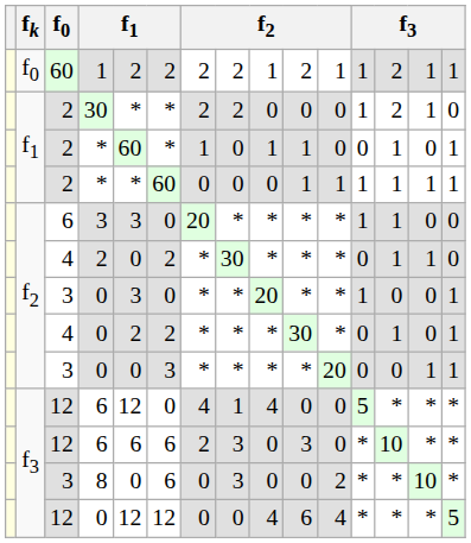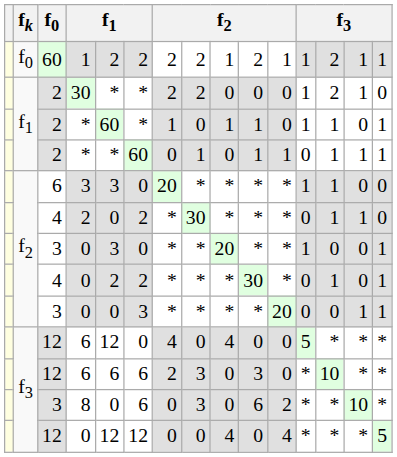 <table class=wikitable>
 <tr>
 <th></th>
 <th>f<sub><em>k</em></sub></th>
 <th>f<sub>0</sub></th>
 <th colspan=3>f<sub>1</sub></th>
 <th colspan=5>f<sub>2</sub></th>
 <th colspan=4>f<sub>3</sub></th>
 </tr>
 <tr align=right>
 <td align=left bgcolor=#ffffe0></td>
 <td rowspan=1>f<sub>0</sub></td>
 <td bgcolor=#e0ffe0>60</td>
 <td bgcolor=#e0e0e0>1</td>
 <td bgcolor=#e0e0e0>2</td>
 <td bgcolor=#e0e0e0>2</td>
 <td bgcolor=#ffffff>2</td>
 <td bgcolor=#ffffff>2</td>
 <td bgcolor=#ffffff>1</td>
 <td bgcolor=#ffffff>2</td>
 <td bgcolor=#ffffff>1</td>
 <td bgcolor=#e0e0e0>1</td>
 <td bgcolor=#e0e0e0>2</td>
 <td bgcolor=#e0e0e0>1</td>
 <td bgcolor=#e0e0e0>1</td>
 </tr>
 <tr align=right>
 <td align=left bgcolor=#ffffe0></td>
 <td rowspan=3>f<sub>1</sub></td>
 <td bgcolor=#e0e0e0>2</td>
 <td bgcolor=#e0ffe0>30</td>
 <td bgcolor=#ffffff>*</td>
 <td bgcolor=#ffffff>*</td>
 <td bgcolor=#e0e0e0>2</td>
 <td bgcolor=#e0e0e0>2</td>
 <td bgcolor=#e0e0e0>0</td>
 <td bgcolor=#e0e0e0>0</td>
 <td bgcolor=#e0e0e0>0</td>
 <td bgcolor=#ffffff>1</td>
 <td bgcolor=#ffffff>2</td>
 <td bgcolor=#ffffff>1</td>
 <td bgcolor=#ffffff>0</td>
 </tr>
 <tr align=right>
 <td align=left bgcolor=#ffffe0></td>
 <td bgcolor=#e0e0e0>2</td>
 <td bgcolor=#ffffff>*</td>
 <td bgcolor=#e0ffe0>60</td>
 <td bgcolor=#ffffff>*</td>
 <td bgcolor=#e0e0e0>1</td>
 <td bgcolor=#e0e0e0>0</td>
 <td bgcolor=#e0e0e0>1</td>
 <td bgcolor=#e0e0e0>1</td>
 <td bgcolor=#e0e0e0>0</td>
-<td bgcolor=#ffffff>0</td>
+<td bgcolor=#ffffff>1</td>
 <td bgcolor=#ffffff>1</td>
 <td bgcolor=#ffffff>0</td>
 <td bgcolor=#ffffff>1</td>
 </tr>
 <tr align=right>
 <td align=left bgcolor=#ffffe0></td>
 <td bgcolor=#e0e0e0>2</td>
 <td bgcolor=#ffffff>*</td>
 <td bgcolor=#ffffff>*</td>
 <td bgcolor=#e0ffe0>60</td>
 <td bgcolor=#e0e0e0>0</td>
-<td bgcolor=#e0e0e0>0</td>
+<td bgcolor=#e0e0e0>1</td>
 <td bgcolor=#e0e0e0>0</td>
 <td bgcolor=#e0e0e0>1</td>
 <td bgcolor=#e0e0e0>1</td>
-<td bgcolor=#ffffff>1</td>
+<td bgcolor=#ffffff>0</td>
 <td bgcolor=#ffffff>1</td>
 <td bgcolor=#ffffff>1</td>
 <td bgcolor=#ffffff>1</td>
 </tr>
 <tr align=right>
 <td align=left bgcolor=#ffffe0></td>
 <td rowspan=5>f<sub>2</sub></td>
 <td bgcolor=#ffffff>6</td>
 <td bgcolor=#e0e0e0>3</td>
 <td bgcolor=#e0e0e0>3</td>
 <td bgcolor=#e0e0e0>0</td>
 <td bgcolor=#e0ffe0>20</td>
 <td bgcolor=#ffffff>*</td>
 <td bgcolor=#ffffff>*</td>
 <td bgcolor=#ffffff>*</td>
 <td bgcolor=#ffffff>*</td>
 <td bgcolor=#e0e0e0>1</td>
 <td bgcolor=#e0e0e0>1</td>
 <td bgcolor=#e0e0e0>0</td>
 <td bgcolor=#e0e0e0>0</td>
 </tr>
 <tr align=right>
 <td align=left bgcolor=#ffffe0></td>
 <td bgcolor=#ffffff>4</td>
 <td bgcolor=#e0e0e0>2</td>
 <td bgcolor=#e0e0e0>0</td>
 <td bgcolor=#e0e0e0>2</td>
 <td bgcolor=#ffffff>*</td>
 <td bgcolor=#e0ffe0>30</td>
 <td bgcolor=#ffffff>*</td>
 <td bgcolor=#ffffff>*</td>
 <td bgcolor=#ffffff>*</td>
 <td bgcolor=#e0e0e0>0</td>
 <td bgcolor=#e0e0e0>1</td>
 <td bgcolor=#e0e0e0>1</td>
 <td bgcolor=#e0e0e0>0</td>
 </tr>
 <tr align=right>
 <td align=left bgcolor=#ffffe0></td>
 <td bgcolor=#ffffff>3</td>
 <td bgcolor=#e0e0e0>0</td>
 <td bgcolor=#e0e0e0>3</td>
 <td bgcolor=#e0e0e0>0</td>
 <td bgcolor=#ffffff>*</td>
 <td bgcolor=#ffffff>*</td>
 <td bgcolor=#e0ffe0>20</td>
 <td bgcolor=#ffffff>*</td>
 <td bgcolor=#ffffff>*</td>
 <td bgcolor=#e0e0e0>1</td>
 <td bgcolor=#e0e0e0>0</td>
 <td bgcolor=#e0e0e0>0</td>
 <td bgcolor=#e0e0e0>1</td>
 </tr>
 <tr align=right>
 <td align=left bgcolor=#ffffe0></td>
 <td bgcolor=#ffffff>4</td>
 <td bgcolor=#e0e0e0>0</td>
 <td bgcolor=#e0e0e0>2</td>
 <td bgcolor=#e0e0e0>2</td>
 <td bgcolor=#ffffff>*</td>
 <td bgcolor=#ffffff>*</td>
 <td bgcolor=#ffffff>*</td>
 <td bgcolor=#e0ffe0>30</td>
 <td bgcolor=#ffffff>*</td>
 <td bgcolor=#e0e0e0>0</td>
 <td bgcolor=#e0e0e0>1</td>
 <td bgcolor=#e0e0e0>0</td>
 <td bgcolor=#e0e0e0>1</td>
 </tr>
 <tr align=right>
 <td align=left bgcolor=#ffffe0></td>
 <td bgcolor=#ffffff>3</td>
 <td bgcolor=#e0e0e0>0</td>
 <td bgcolor=#e0e0e0>0</td>
 <td bgcolor=#e0e0e0>3</td>
 <td bgcolor=#ffffff>*</td>
 <td bgcolor=#ffffff>*</td>
 <td bgcolor=#ffffff>*</td>
 <td bgcolor=#ffffff>*</td>
 <td bgcolor=#e0ffe0>20</td>
 <td bgcolor=#e0e0e0>0</td>
 <td bgcolor=#e0e0e0>0</td>
 <td bgcolor=#e0e0e0>1</td>
 <td bgcolor=#e0e0e0>1</td>
 </tr>
 <tr align=right>
 <td align=left bgcolor=#ffffe0></td>
 <td rowspan=4>f<sub>3</sub></td>
 <td bgcolor=#e0e0e0>12</td>
 <td bgcolor=#ffffff>6</td>
 <td bgcolor=#ffffff>12</td>
 <td bgcolor=#ffffff>0</td>
 <td bgcolor=#e0e0e0>4</td>
-<td bgcolor=#e0e0e0>1</td>
+<td bgcolor=#e0e0e0>0</td>
 <td bgcolor=#e0e0e0>4</td>
 <td bgcolor=#e0e0e0>0</td>
 <td bgcolor=#e0e0e0>0</td>
 <td bgcolor=#e0ffe0>5</td>
 <td bgcolor=#ffffff>*</td>
 <td bgcolor=#ffffff>*</td>
 <td bgcolor=#ffffff>*</td>
 </tr>
 <tr align=right>
 <td align=left bgcolor=#ffffe0></td>
 <td bgcolor=#e0e0e0>12</td>
 <td bgcolor=#ffffff>6</td>
 <td bgcolor=#ffffff>6</td>
 <td bgcolor=#ffffff>6</td>
 <td bgcolor=#e0e0e0>2</td>
 <td bgcolor=#e0e0e0>3</td>
 <td bgcolor=#e0e0e0>0</td>
 <td bgcolor=#e0e0e0>3</td>
 <td bgcolor=#e0e0e0>0</td>
 <td bgcolor=#ffffff>*</td>
 <td bgcolor=#e0ffe0>10</td>
 <td bgcolor=#ffffff>*</td>
 <td bgcolor=#ffffff>*</td>
 </tr>
 <tr align=right>
 <td align=left bgcolor=#ffffe0></td>
 <td bgcolor=#e0e0e0>3</td>
 <td bgcolor=#ffffff>8</td>
 <td bgcolor=#ffffff>0</td>
 <td bgcolor=#ffffff>6</td>
 <td bgcolor=#e0e0e0>0</td>
 <td bgcolor=#e0e0e0>3</td>
 <td bgcolor=#e0e0e0>0</td>
-<td bgcolor=#e0e0e0>0</td>
+<td bgcolor=#e0e0e0>6</td>
 <td bgcolor=#e0e0e0>2</td>
 <td bgcolor=#ffffff>*</td>
 <td bgcolor=#ffffff>*</td>
 <td bgcolor=#e0ffe0>10</td>
 <td bgcolor=#ffffff>*</td>
 </tr>
 <tr align=right>
 <td align=left bgcolor=#ffffe0></td>
 <td bgcolor=#e0e0e0>12</td>
 <td bgcolor=#ffffff>0</td>
 <td bgcolor=#ffffff>12</td>
 <td bgcolor=#ffffff>12</td>
 <td bgcolor=#e0e0e0>0</td>
 <td bgcolor=#e0e0e0>0</td>
 <td bgcolor=#e0e0e0>4</td>
-<td bgcolor=#e0e0e0>6</td>
+<td bgcolor=#e0e0e0>0</td>
 <td bgcolor=#e0e0e0>4</td>
 <td bgcolor=#ffffff>*</td>
 <td bgcolor=#ffffff>*</td>
 <td bgcolor=#ffffff>*</td>
 <td bgcolor=#e0ffe0>5</td>
 </tr>
 </table>
